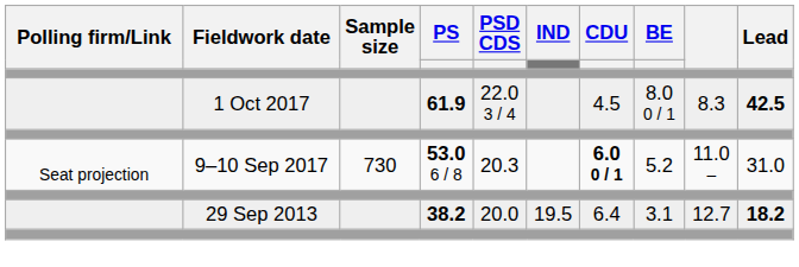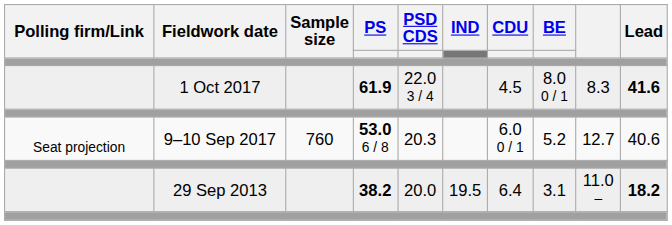 <table class="wikitable collapsible sortable" style="text-align:center; font-size:95%; line-height:16px;">
 <tr style="height:42px;">
 <th style="width:145px;" rowspan="2">Polling firm/Link</th>
 <th style="width:125px;" rowspan="2">Fieldwork date</th>
 <th class="unsortable" style="width:50px;" rowspan="2">Sample size</th>
 <th class="unsortable" style="width:35px;"><a href='#'>PS</a></th>
 <th class="unsortable" style="width:35px;"><a href='#'>PSD</a><br><a href='#'>CDS</a></th>
 <th class="unsortable" style="width:35px;"><a href='#'>IND</a></th>
 <th class="unsortable" style="width:35px;"><a href='#'>CDU</a></th>
 <th class="unsortable" style="width:35px;"><a href='#'>BE</a></th>
 <th class="unsortable" style="width:35px;" rowspan="2"></th>
 <th class="unsortable" style="width:30px;" rowspan="2">Lead</th>
 </tr>
 <tr>
 <th class="unsortable" style="color:inherit;background:"></th>
 <th class="unsortable" style="color:inherit;background:"></th>
 <th class="unsortable" style="color:inherit;background:#777777;"></th>
 <th class="unsortable" style="color:inherit;background:"></th>
 <th class="unsortable" style="color:inherit;background:"></th>
 </tr>
 <tr>
 <td colspan="10" style="background:#A0A0A0"></td>
 </tr>
 <tr style="background:#EFEFEF;">
 <td><strong></strong></td>
 <td data-sort-value="2019-10-06">1 Oct 2017</td>
 <td></td>
 <td><strong>61.9</strong><br></td>
 <td align="center">22.0<br><small>3 / 4</small></td>
 <td></td>
 <td>4.5<br></td>
 <td align="center">8.0<br><small>0 / 1</small></td>
 <td>8.3<br></td>
-<td style="background:"><strong>42.5</strong></td>
+<td style="background:"><strong>41.6</strong></td>
 </tr>
 <tr>
 <td colspan="10" style="background:#A0A0A0"></td>
 </tr>
 <tr>
 <td align="center"><br><small>Seat projection</small></td>
 <td align="center">9–10 Sep 2017</td>
-<td>730</td>
+<td>760</td>
 <td align="center" ><strong>53.0</strong><br><small>6 / 8</small></td>
 <td>20.3<br></td>
 <td></td>
-<td align="center"><strong>6.0<br><small>0 / 1</small></strong></td>
+<td align="center">6.0<br><small>0 / 1</small></td>
 <td>5.2<br></td>
-<td align="center">11.0<br><small>–</small></td>
-<td style="background:">31.0</td>
+<td>12.7<br></td>
+<td style="background:">40.6</td>
 </tr>
 <tr>
 <td colspan="11" style="background:#A0A0A0"></td>
 </tr>
 <tr style="background:#EFEFEF;">
 <td><strong></strong></td>
 <td data-sort-value="2019-10-06">29 Sep 2013</td>
 <td></td>
 <td><strong>38.2</strong><br></td>
 <td>20.0<br></td>
 <td>19.5<br></td>
 <td>6.4<br></td>
 <td>3.1<br></td>
-<td>12.7<br></td>
+<td align="center">11.0<br><small>–</small></td>
 <td style="background:"><strong>18.2</strong></td>
 </tr>
 <tr>
 <td colspan="11" style="background:#A0A0A0"></td>
 </tr>
 </table>
